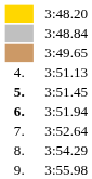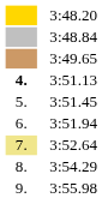 <table style="text-align:center">
 <tr>
 <td width=30 bgcolor=gold></td>
 <td align=left></td>
 <td width=60>3:48.20</td>
 </tr>
 <tr>
 <td bgcolor=silver></td>
 <td align=left></td>
 <td>3:48.84</td>
 </tr>
 <tr>
 <td bgcolor=cc9966></td>
 <td align=left></td>
 <td>3:49.65</td>
 </tr>
 <tr>
-<td>4.</td>
+<td><strong>4.</strong></td>
 <td align=left></td>
 <td>3:51.13</td>
 </tr>
 <tr>
-<td><strong>5.</strong></td>
+<td>5.</td>
 <td align=left></td>
 <td>3:51.45</td>
 </tr>
 <tr>
-<td><strong>6.</strong></td>
+<td>6.</td>
 <td align=left></td>
 <td>3:51.94</td>
 </tr>
 <tr>
-<td>7.</td>
+<td style="background: khaki;">7.</td>
 <td align=left></td>
 <td>3:52.64</td>
 </tr>
 <tr>
 <td>8.</td>
 <td align=left></td>
 <td>3:54.29</td>
 </tr>
 <tr>
 <td>9.</td>
 <td align=left></td>
 <td>3:55.98</td>
 </tr>
 </table>
